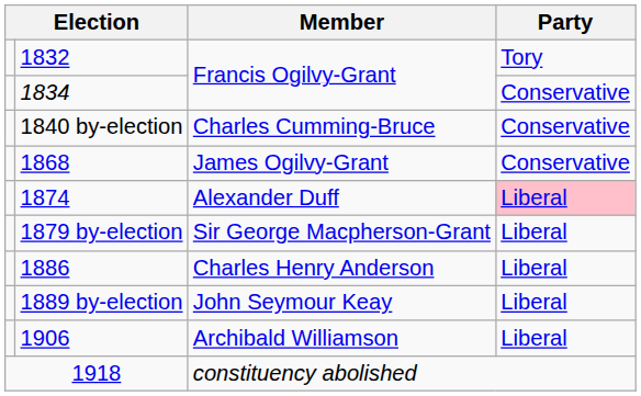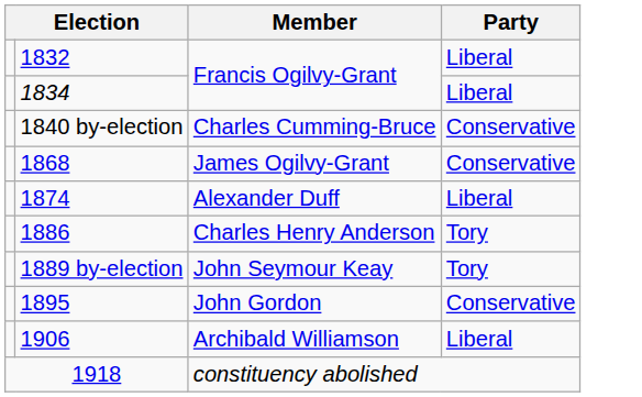 <table class="wikitable">
 <tr>
 <th colspan="2">Election</th>
 <th>Member </th>
 <th>Party</th>
 </tr>
 <tr>
 <td style="color:inherit;background-color: "></td>
 <td><a href='#'>1832</a></td>
 <td rowspan="2"><a href='#'>Francis Ogilvy-Grant</a></td>
-<td><a href='#'>Tory</a></td>
+<td><a href='#'>Liberal</a></td>
 </tr>
 <tr>
 <td style="color:inherit;background-color: "></td>
 <td><em>1834</em></td>
-<td><a href='#'>Conservative</a></td>
+<td><a href='#'>Liberal</a></td>
 </tr>
 <tr>
 <td style="color:inherit;background-color: "></td>
 <td>1840 by-election</td>
 <td><a href='#'>Charles Cumming-Bruce</a></td>
 <td><a href='#'>Conservative</a></td>
 </tr>
 <tr>
 <td style="color:inherit;background-color: "></td>
 <td><a href='#'>1868</a></td>
 <td><a href='#'>James Ogilvy-Grant</a></td>
 <td><a href='#'>Conservative</a></td>
 </tr>
 <tr>
 <td style="color:inherit;background-color: "></td>
 <td><a href='#'>1874</a></td>
 <td><a href='#'>Alexander Duff</a></td>
-<td style="background: pink;"><a href='#'>Liberal</a></td>
-</tr>
-<tr>
-<td style="color:inherit;background-color: "></td>
-<td><a href='#'>1879 by-election</a></td>
-<td><a href='#'>Sir George Macpherson-Grant</a></td>
 <td><a href='#'>Liberal</a></td>
 </tr>
 <tr>
 <td style="color:inherit;background-color: "></td>
 <td><a href='#'>1886</a></td>
 <td><a href='#'>Charles Henry Anderson</a></td>
-<td><a href='#'>Liberal</a></td>
+<td><a href='#'>Tory</a></td>
 </tr>
 <tr>
 <td style="color:inherit;background-color: "></td>
 <td><a href='#'>1889 by-election</a></td>
 <td><a href='#'>John Seymour Keay</a></td>
-<td><a href='#'>Liberal</a></td>
+<td><a href='#'>Tory</a></td>
+</tr>
+<tr>
+<td style="color:inherit;background-color: "></td>
+<td><a href='#'>1895</a></td>
+<td><a href='#'>John Gordon</a></td>
+<td><a href='#'>Conservative</a></td>
 </tr>
 <tr>
 <td style="color:inherit;background-color: "></td>
 <td><a href='#'>1906</a></td>
 <td><a href='#'>Archibald Williamson</a></td>
 <td><a href='#'>Liberal</a></td>
 </tr>
 <tr>
 <td colspan="2" align="center"><a href='#'>1918</a></td>
 <td colspan="2"><em>constituency abolished</em></td>
 </tr>
 </table>
